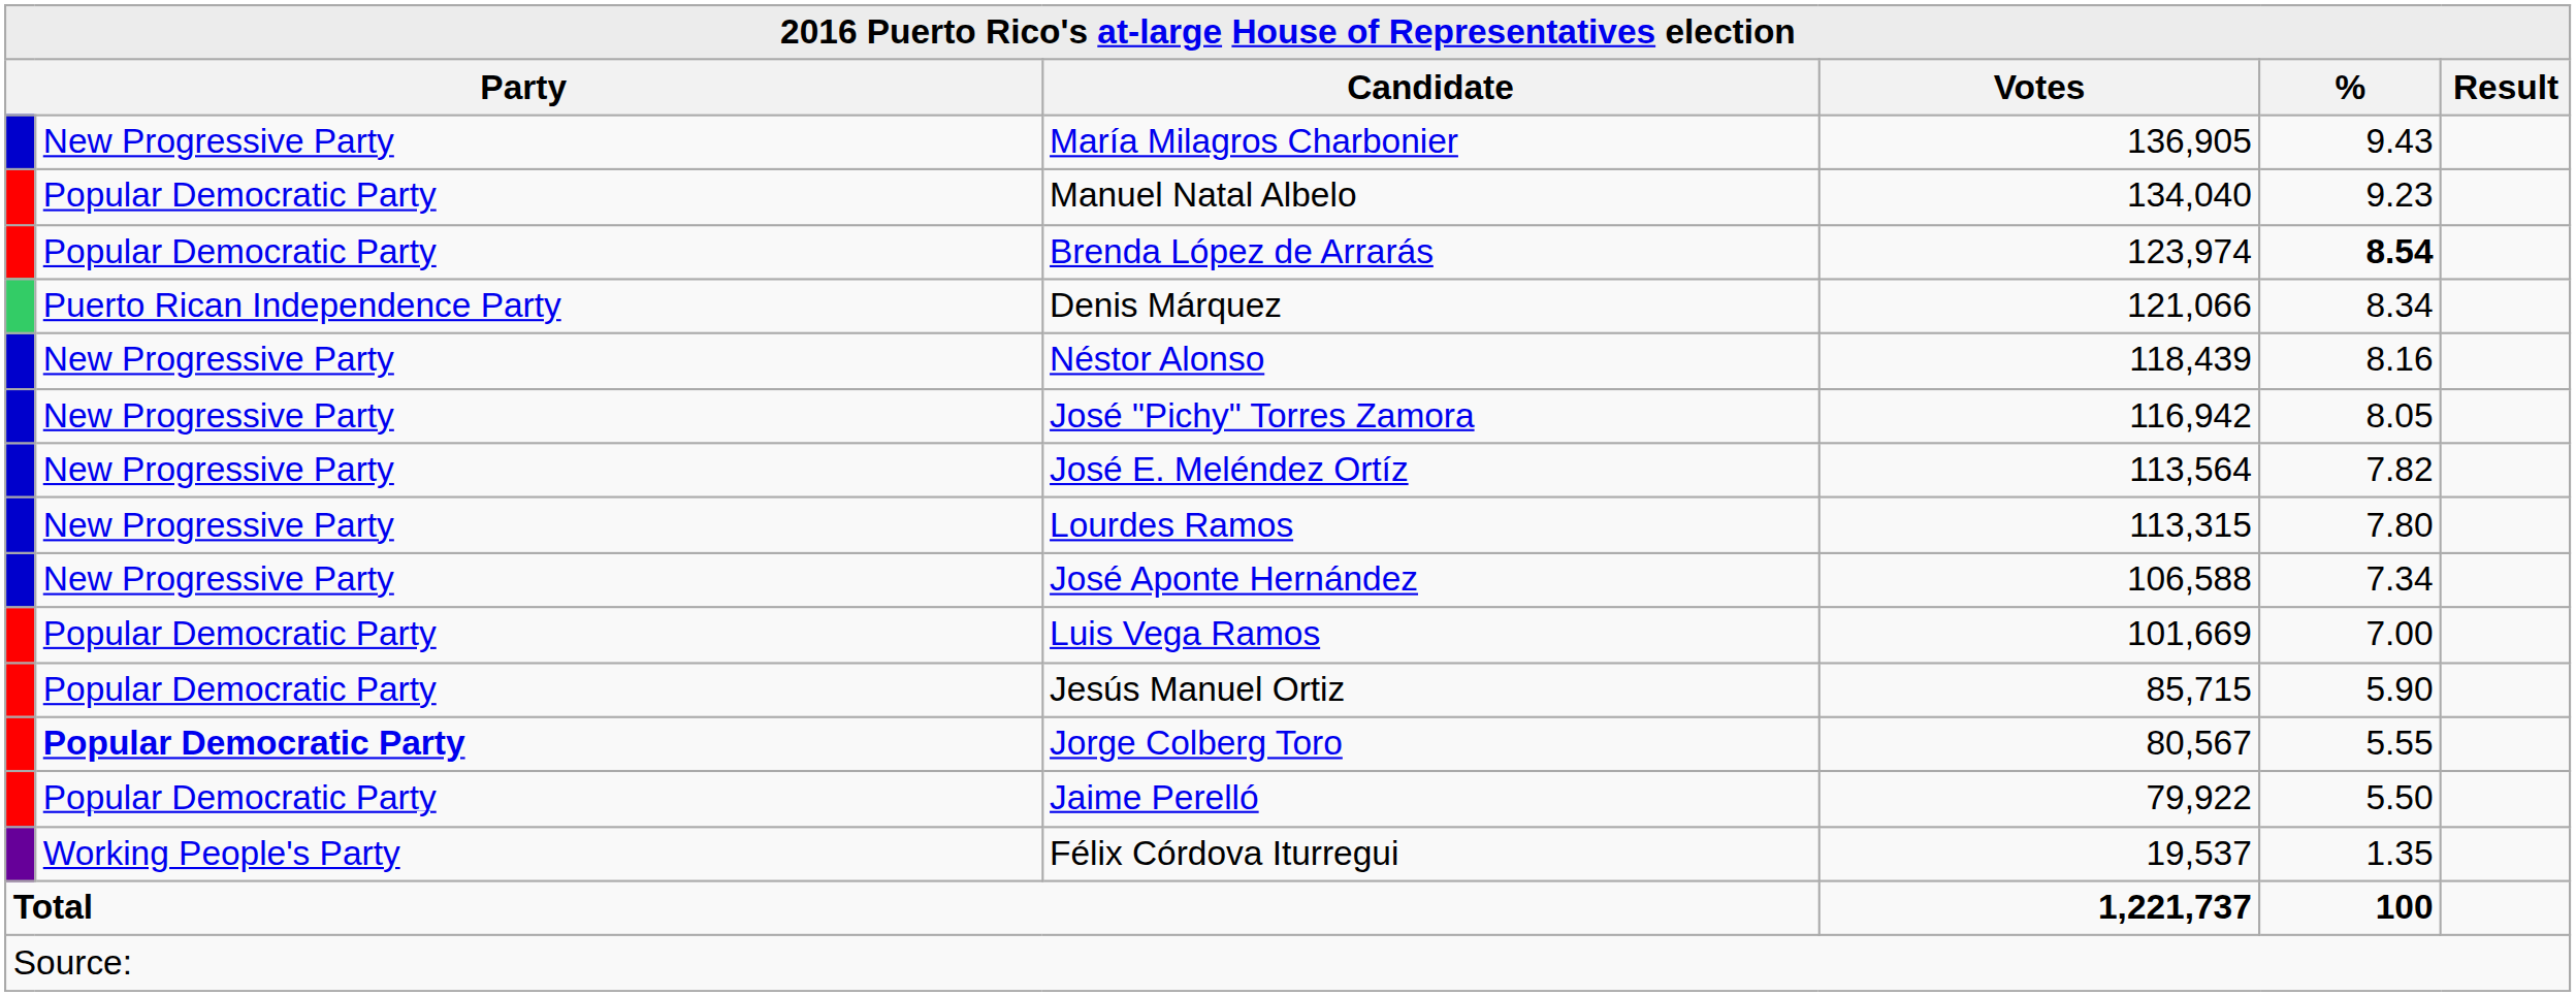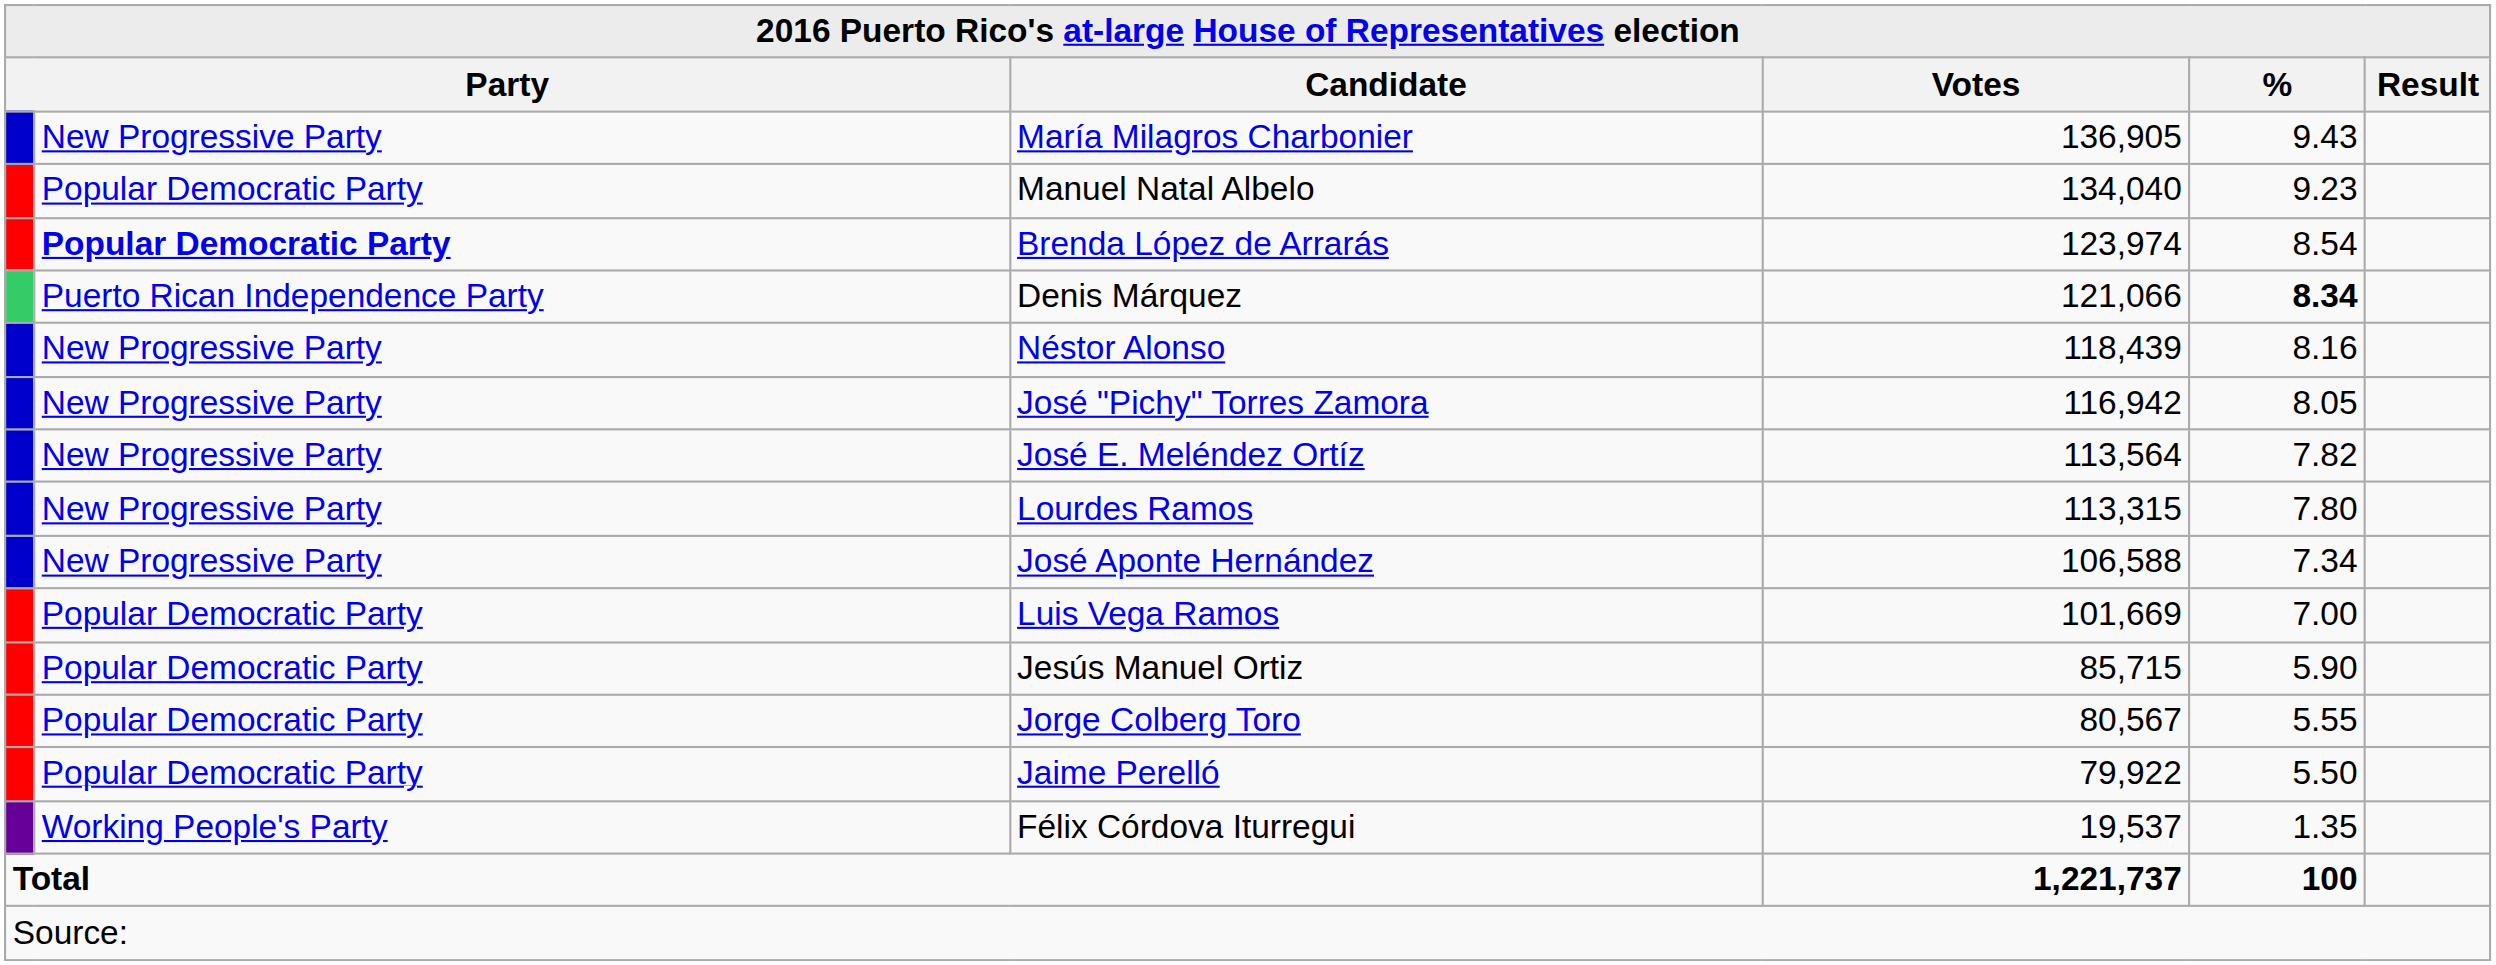 <table class=wikitable plainrowheaders style=text-align:right style="font-size: 100%" width=60%>
 <tr>
 <td style="background: #ececec; text-align:center;" colspan=6><strong>2016 Puerto Rico's <a href='#'>at-large</a> <a href='#'>House of Representatives</a> election</strong></td>
 </tr>
 <tr>
 <th colspan="2" width="40%">Party</th>
 <th width="30%">Candidate</th>
 <th width="17%">Votes</th>
 <th width="7%">%</th>
 <th width="5%">Result</th>
 </tr>
 <tr>
 <td bgcolor=#0000cc></td>
 <td align=left><a href='#'>New Progressive Party</a></td>
 <td align=left><a href='#'>María Milagros Charbonier</a></td>
 <td>136,905</td>
 <td>9.43</td>
 <td></td>
 </tr>
 <tr>
 <td bgcolor=#FF0000></td>
 <td align=left><a href='#'>Popular Democratic Party</a></td>
 <td align=left>Manuel Natal Albelo</td>
 <td>134,040</td>
 <td>9.23</td>
 <td></td>
 </tr>
 <tr>
 <td bgcolor=#FF0000></td>
-<td align=left><a href='#'>Popular Democratic Party</a></td>
+<td align=left><strong><a href='#'>Popular Democratic Party</a></strong></td>
 <td align=left><a href='#'>Brenda López de Arrarás</a></td>
 <td>123,974</td>
-<td><strong>8.54</strong></td>
+<td>8.54</td>
 <td></td>
 </tr>
 <tr>
 <td bgcolor=#33cc66></td>
 <td align=left><a href='#'>Puerto Rican Independence Party</a></td>
 <td align=left>Denis Márquez</td>
 <td>121,066</td>
-<td>8.34</td>
+<td><strong>8.34</strong></td>
 <td></td>
 </tr>
 <tr>
 <td bgcolor=#0000cc></td>
 <td align=left><a href='#'>New Progressive Party</a></td>
 <td align=left><a href='#'>Néstor Alonso</a></td>
 <td>118,439</td>
 <td>8.16</td>
 <td></td>
 </tr>
 <tr>
 <td bgcolor=#0000cc></td>
 <td align=left><a href='#'>New Progressive Party</a></td>
 <td align=left><a href='#'>José "Pichy" Torres Zamora</a></td>
 <td>116,942</td>
 <td>8.05</td>
 <td></td>
 </tr>
 <tr>
 <td bgcolor=#0000cc></td>
 <td align=left><a href='#'>New Progressive Party</a></td>
 <td align=left><a href='#'>José E. Meléndez Ortíz</a></td>
 <td>113,564</td>
 <td>7.82</td>
 <td></td>
 </tr>
 <tr>
 <td bgcolor=#0000cc></td>
 <td align=left><a href='#'>New Progressive Party</a></td>
 <td align=left><a href='#'>Lourdes Ramos</a></td>
 <td>113,315</td>
 <td>7.80</td>
 <td></td>
 </tr>
 <tr>
 <td bgcolor=#0000cc></td>
 <td align=left><a href='#'>New Progressive Party</a></td>
 <td align=left><a href='#'>José Aponte Hernández</a></td>
 <td>106,588</td>
 <td>7.34</td>
 <td></td>
 </tr>
 <tr>
 <td bgcolor=#FF0000></td>
 <td align=left><a href='#'>Popular Democratic Party</a></td>
 <td align=left><a href='#'>Luis Vega Ramos</a></td>
 <td>101,669</td>
 <td>7.00</td>
 <td></td>
 </tr>
 <tr>
 <td bgcolor=#FF0000></td>
 <td align=left><a href='#'>Popular Democratic Party</a></td>
 <td align=left>Jesús Manuel Ortiz</td>
 <td>85,715</td>
 <td>5.90</td>
 <td></td>
 </tr>
 <tr>
 <td bgcolor=#FF0000></td>
-<td align=left><strong><a href='#'>Popular Democratic Party</a></strong></td>
+<td align=left><a href='#'>Popular Democratic Party</a></td>
 <td align=left><a href='#'>Jorge Colberg Toro</a></td>
 <td>80,567</td>
 <td>5.55</td>
 <td></td>
 </tr>
 <tr>
 <td bgcolor=#FF0000></td>
 <td align=left><a href='#'>Popular Democratic Party</a></td>
 <td align=left><a href='#'>Jaime Perelló</a></td>
 <td>79,922</td>
 <td>5.50</td>
 <td></td>
 </tr>
 <tr>
 <td bgcolor=#660099></td>
 <td align=left><a href='#'>Working People's Party</a></td>
 <td align=left>Félix Córdova Iturregui</td>
 <td>19,537</td>
 <td>1.35</td>
 <td></td>
 </tr>
 <tr>
 <td align=left colspan=3><strong>Total</strong></td>
 <td><strong>1,221,737</strong></td>
 <td><strong>100</strong></td>
 <td></td>
 </tr>
 <tr>
 <td align=left colspan=6>Source: </td>
 </tr>
 </table>
